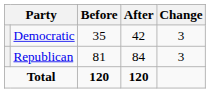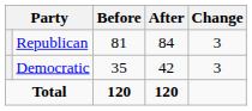 <table class="wikitable" style="text-align:center;">
 <tr>
 <th colspan="2">Party</th>
 <th>Before</th>
 <th>After</th>
 <th>Change</th>
 </tr>
 <tr>
 <th style="background-color:"></th>
-<td style="text-align:left;"><a href='#'>Democratic</a></td>
-<td>35</td>
-<td>42</td>
+<td style="text-align:left;"><a href='#'>Republican</a></td>
+<td>81</td>
+<td>84</td>
 <td> 3</td>
 </tr>
 <tr>
 <th style="background-color:"></th>
-<td style="text-align:left;"><a href='#'>Republican</a></td>
-<td>81</td>
-<td>84</td>
+<td style="text-align:left;"><a href='#'>Democratic</a></td>
+<td>35</td>
+<td>42</td>
 <td> 3</td>
 </tr>
 <tr>
 <td colspan="2"><strong>Total</strong></td>
 <td><strong>120</strong></td>
 <td><strong>120</strong></td>
 <td></td>
 </tr>
 </table>
